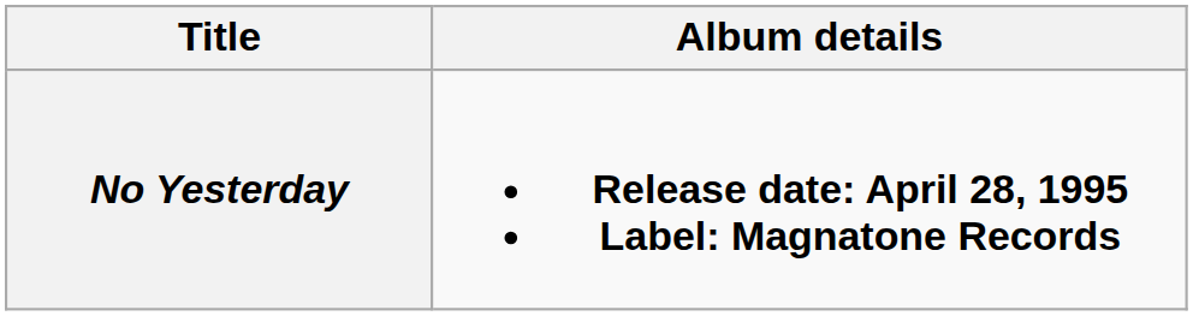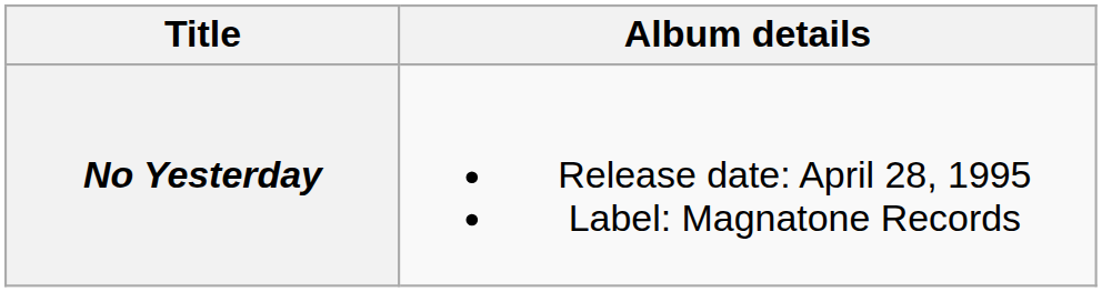 <table class="wikitable plainrowheaders" style="text-align:center;">
 <tr>
 <th style="width:10em;">Title</th>
 <th style="width:18em;">Album details</th>
 </tr>
 <tr>
 <th scope="row"><em>No Yesterday</em></th>
-<td><strong><br><ul><li>Release date: April 28, 1995</li><li>Label: Magnatone Records</li></ul></strong></td>
+<td><br><ul><li>Release date: April 28, 1995</li><li>Label: Magnatone Records</li></ul></td>
 </tr>
 </table>
